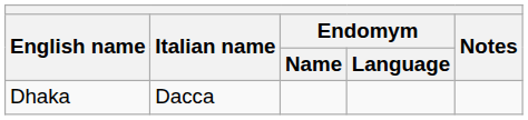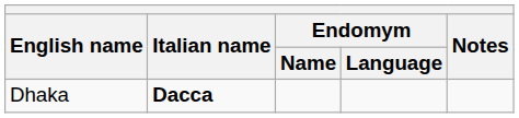 <table class="wikitable sortable">
 <tr>
 <th colspan="5"></th>
 </tr>
 <tr>
 <th rowspan="2">English name</th>
 <th rowspan="2">Italian name</th>
 <th colspan="2">Endomym</th>
 <th rowspan="2">Notes</th>
 </tr>
 <tr>
 <th>Name</th>
 <th>Language</th>
 </tr>
 <tr>
 <td>Dhaka</td>
-<td>Dacca</td>
+<td><strong>Dacca</strong></td>
 <td></td>
 <td></td>
 <td></td>
 </tr>
 </table>
